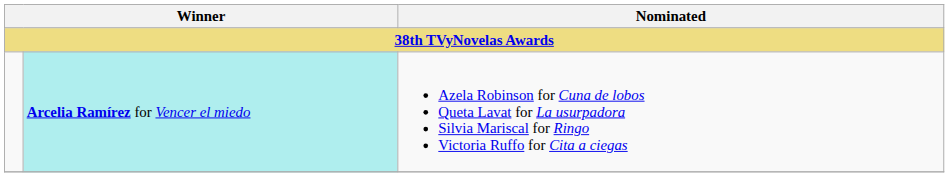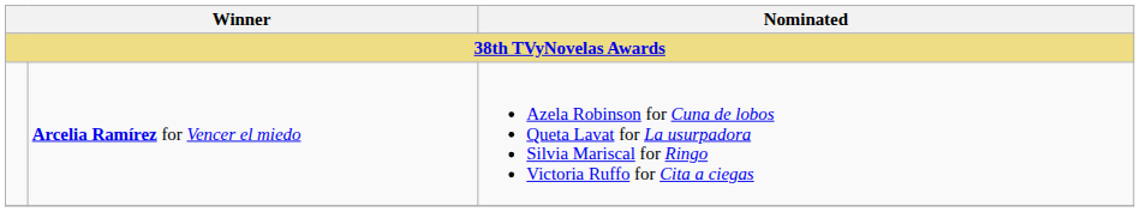 <table class="wikitable" width=80%>
 <tr align=center>
 <th width="150px;" colspan=2; align="center">Winner</th>
 <th width="580px;" align="center">Nominated</th>
 </tr>
 <tr>
 <th colspan=9 style="background:#EEDD82;"  align="center"><strong><a href='#'>38th TVyNovelas Awards</a></strong></th>
 </tr>
 <tr>
 <td width=2%></td>
-<td style="background: paleturquoise;"><strong><a href='#'>Arcelia Ramírez</a></strong> for <em><a href='#'>Vencer el miedo</a></em></td>
+<td><strong><a href='#'>Arcelia Ramírez</a></strong> for <em><a href='#'>Vencer el miedo</a></em></td>
 <td><br><ul><li><a href='#'>Azela Robinson</a> for <em><a href='#'>Cuna de lobos</a></em></li><li><a href='#'>Queta Lavat</a> for <em><a href='#'>La usurpadora</a></em></li><li><a href='#'>Silvia Mariscal</a> for <em><a href='#'>Ringo</a></em></li><li><a href='#'>Victoria Ruffo</a> for <em><a href='#'>Cita a ciegas</a></em></li></ul></td>
 </tr>
 <tr>
 </tr>
 </table>
